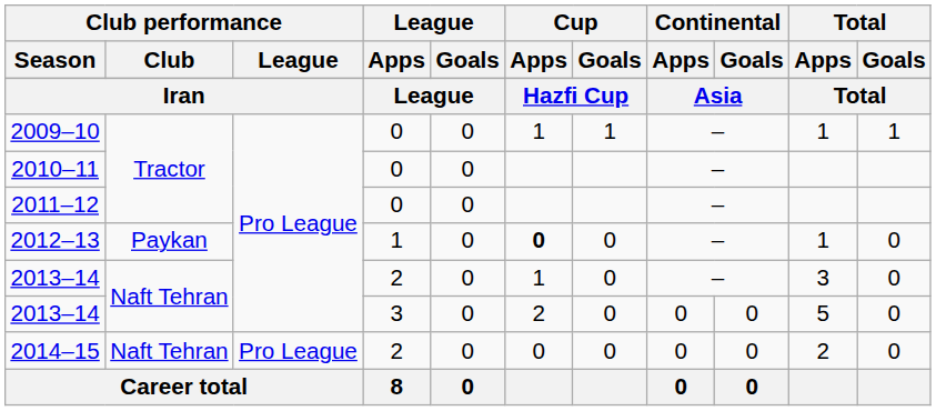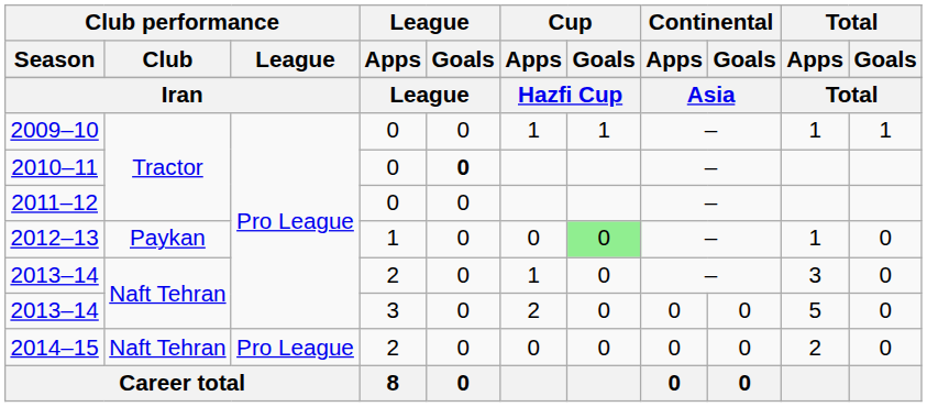 <table class="wikitable" style="text-align:center">
 <tr>
 <th colspan=3>Club performance</th>
 <th colspan=2>League</th>
 <th colspan=2>Cup</th>
 <th colspan=2>Continental</th>
 <th colspan=2>Total</th>
 </tr>
 <tr>
 <th>Season</th>
 <th>Club</th>
 <th>League</th>
 <th>Apps</th>
 <th>Goals</th>
 <th>Apps</th>
 <th>Goals</th>
 <th>Apps</th>
 <th>Goals</th>
 <th>Apps</th>
 <th>Goals</th>
 </tr>
 <tr>
 </tr>
 <tr>
 <th colspan=3>Iran</th>
 <th colspan=2>League</th>
 <th colspan=2><a href='#'>Hazfi Cup</a></th>
 <th colspan=2><a href='#'>Asia</a></th>
 <th colspan=2>Total</th>
 </tr>
 <tr>
 <td><a href='#'>2009–10</a></td>
 <td rowspan="3"><a href='#'>Tractor</a></td>
 <td rowspan="6"><a href='#'>Pro League</a></td>
 <td>0</td>
 <td>0</td>
 <td>1</td>
 <td>1</td>
 <td colspan="2">–</td>
 <td>1</td>
 <td>1</td>
 </tr>
 <tr>
 <td><a href='#'>2010–11</a></td>
 <td>0</td>
-<td>0</td>
+<td><strong>0</strong></td>
 <td></td>
 <td></td>
 <td colspan="2">–</td>
 <td></td>
 <td></td>
 </tr>
 <tr>
 <td><a href='#'>2011–12</a></td>
 <td>0</td>
 <td>0</td>
 <td></td>
 <td></td>
 <td colspan="2">–</td>
 <td></td>
 <td></td>
 </tr>
 <tr>
 <td><a href='#'>2012–13</a></td>
 <td><a href='#'>Paykan</a></td>
 <td>1</td>
 <td>0</td>
-<td><strong>0</strong></td>
 <td>0</td>
+<td style="background: lightgreen;">0</td>
 <td colspan="2">–</td>
 <td>1</td>
 <td>0</td>
 </tr>
 <tr>
 <td><a href='#'>2013–14</a></td>
 <td rowspan="2"><a href='#'>Naft Tehran</a></td>
 <td>2</td>
 <td>0</td>
 <td>1</td>
 <td>0</td>
 <td colspan="2">–</td>
 <td>3</td>
 <td>0</td>
 </tr>
 <tr>
 <td><a href='#'>2013–14</a></td>
 <td>3</td>
 <td>0</td>
 <td>2</td>
 <td>0</td>
 <td>0</td>
 <td>0</td>
 <td>5</td>
 <td>0</td>
 </tr>
 <tr>
 <td><a href='#'>2014–15</a></td>
 <td><a href='#'>Naft Tehran</a></td>
 <td><a href='#'>Pro League</a></td>
 <td>2</td>
 <td>0</td>
 <td>0</td>
 <td>0</td>
 <td>0</td>
 <td>0</td>
 <td>2</td>
 <td>0</td>
 </tr>
 <tr>
 <th colspan=3>Career total</th>
 <th>8</th>
 <th>0</th>
 <th></th>
 <th></th>
 <th>0</th>
 <th>0</th>
 <th></th>
 <th></th>
 </tr>
 </table>
